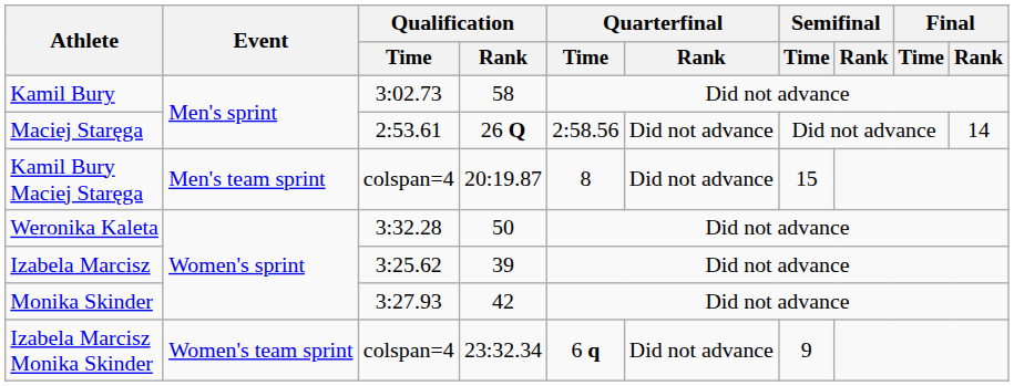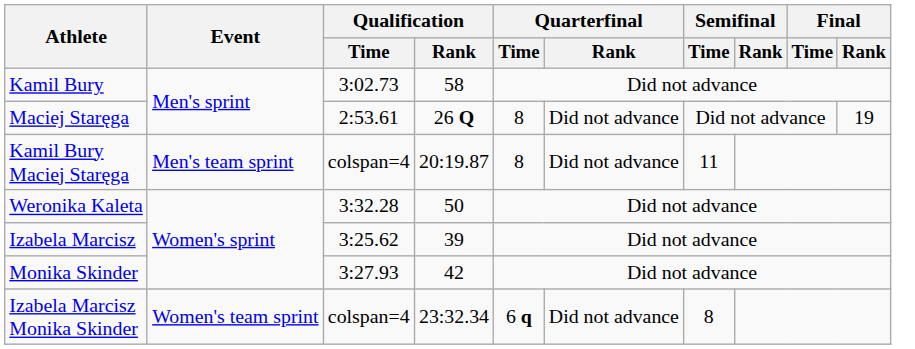 <table class="wikitable" style="font-size:90%; text-align:center">
 <tr>
 <th rowspan=2>Athlete</th>
 <th rowspan=2>Event</th>
 <th colspan=2>Qualification</th>
 <th colspan=2>Quarterfinal</th>
 <th colspan=2>Semifinal</th>
 <th colspan=2>Final</th>
 </tr>
 <tr style="font-size:95%">
 <th>Time</th>
 <th>Rank</th>
 <th>Time</th>
 <th>Rank</th>
 <th>Time</th>
 <th>Rank</th>
 <th>Time</th>
 <th>Rank</th>
 </tr>
 <tr>
 <td align=left><a href='#'>Kamil Bury</a></td>
 <td align=left rowspan=2><a href='#'>Men's sprint</a></td>
 <td>3:02.73</td>
 <td>58</td>
 <td colspan=6>Did not advance</td>
 </tr>
 <tr>
 <td align=left><a href='#'>Maciej Staręga</a></td>
 <td>2:53.61</td>
 <td>26 <strong>Q</strong></td>
-<td>2:58.56</td>
+<td>8</td>
 <td>Did not advance</td>
 <td colspan=3>Did not advance</td>
-<td>14</td>
+<td>19</td>
 </tr>
 <tr>
 <td align=left><a href='#'>Kamil Bury</a><br><a href='#'>Maciej Staręga</a></td>
 <td align=left><a href='#'>Men's team sprint</a></td>
 <td>colspan=4 </td>
 <td>20:19.87</td>
 <td>8</td>
 <td>Did not advance</td>
-<td>15</td>
+<td>11</td>
 </tr>
 <tr>
 <td align=left><a href='#'>Weronika Kaleta</a></td>
 <td rowspan=3 align=left><a href='#'>Women's sprint</a></td>
 <td>3:32.28</td>
 <td>50</td>
 <td colspan=6>Did not advance</td>
 </tr>
 <tr>
 <td align=left><a href='#'>Izabela Marcisz</a></td>
 <td>3:25.62</td>
 <td>39</td>
 <td colspan=6>Did not advance</td>
 </tr>
 <tr>
 <td align=left><a href='#'>Monika Skinder</a></td>
 <td>3:27.93</td>
 <td>42</td>
 <td colspan=6>Did not advance</td>
 </tr>
 <tr>
 <td align=left><a href='#'>Izabela Marcisz</a><br><a href='#'>Monika Skinder</a></td>
 <td align=left><a href='#'>Women's team sprint</a></td>
 <td>colspan=4 </td>
 <td>23:32.34</td>
 <td>6 <strong>q</strong></td>
 <td>Did not advance</td>
-<td>9</td>
+<td>8</td>
 </tr>
 </table>
